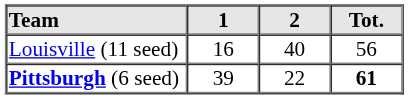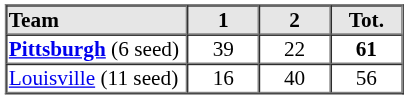 <table border=1 cellspacing=0 width=300 style="margin-left:3em;">
 <tr style="text-align:center; background-color:#e6e6e6;">
 <th align=left width=25%>Team</th>
 <th width=10%>1</th>
 <th width=10%>2</th>
 <th width=10%>Tot.</th>
 </tr>
 <tr style="text-align:center;">
+<td align=left><strong><a href='#'>Pittsburgh</a></strong> (6 seed)</td>
+<td>39</td>
+<td>22</td>
+<td><strong>61</strong></td>
+</tr>
+<tr style="text-align:center;">
 <td align=left><a href='#'>Louisville</a> (11 seed)</td>
 <td>16</td>
 <td>40</td>
 <td>56</td>
 </tr>
 <tr style="text-align:center;">
-<td align=left><strong><a href='#'>Pittsburgh</a></strong> (6 seed)</td>
-<td>39</td>
-<td>22</td>
-<td><strong>61</strong></td>
-</tr>
-<tr style="text-align:center;">
 </tr>
 </table>
